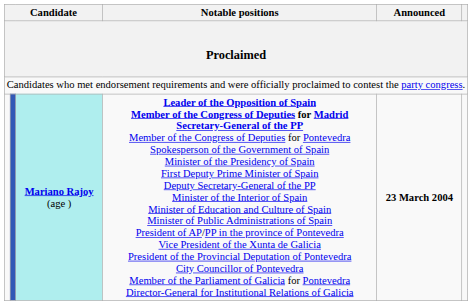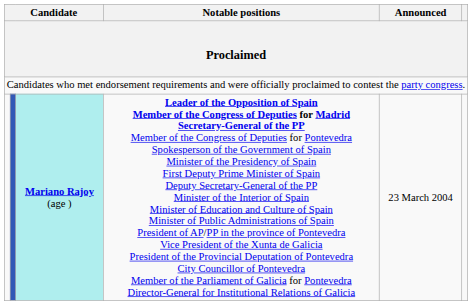 <table class="wikitable" style="text-align:center;">
 <tr>
 <th colspan="3">Candidate</th>
 <th>Notable positions</th>
 <th>Announced</th>
 <th></th>
 </tr>
 <tr>
 <th colspan="6"><br><h3>Proclaimed</h3></th>
 </tr>
 <tr>
 <td colspan="6">Candidates who met endorsement requirements and were officially proclaimed to contest the <a href='#'>party congress</a>.</td>
 </tr>
 <tr>
 <td></td>
 <td width="1px" style="color:inherit;background:#3259B6;"></td>
 <td style="background: paleturquoise;"><strong><a href='#'>Mariano Rajoy</a></strong><br>(age )</td>
 <td><strong><a href='#'>Leader of the Opposition of Spain</a> <br><a href='#'>Member of the Congress of Deputies</a> for <a href='#'>Madrid</a> <br><a href='#'>Secretary-General of the PP</a> </strong><br><a href='#'>Member of the Congress of Deputies</a> for <a href='#'>Pontevedra</a> <br><a href='#'>Spokesperson of the Government of Spain</a> <br><a href='#'>Minister of the Presidency of Spain</a> <br><a href='#'>First Deputy Prime Minister of Spain</a> <br><a href='#'>Deputy Secretary-General of the PP</a> <br><a href='#'>Minister of the Interior of Spain</a> <br><a href='#'>Minister of Education and Culture of Spain</a> <br><a href='#'>Minister of Public Administrations of Spain</a> <br><a href='#'>President of AP</a>/<a href='#'>PP in the province of Pontevedra</a> <br><a href='#'>Vice President of the Xunta de Galicia</a> <br><a href='#'>President of the Provincial Deputation of Pontevedra</a> <br><a href='#'>City Councillor of Pontevedra</a> <br><a href='#'>Member of the Parliament of Galicia</a> for <a href='#'>Pontevedra</a> <br><a href='#'>Director-General for Institutional Relations of Galicia</a> </td>
-<td><strong>23 March 2004</strong></td>
+<td>23 March 2004</td>
 <td><br><br><br></td>
 </tr>
 </table>
